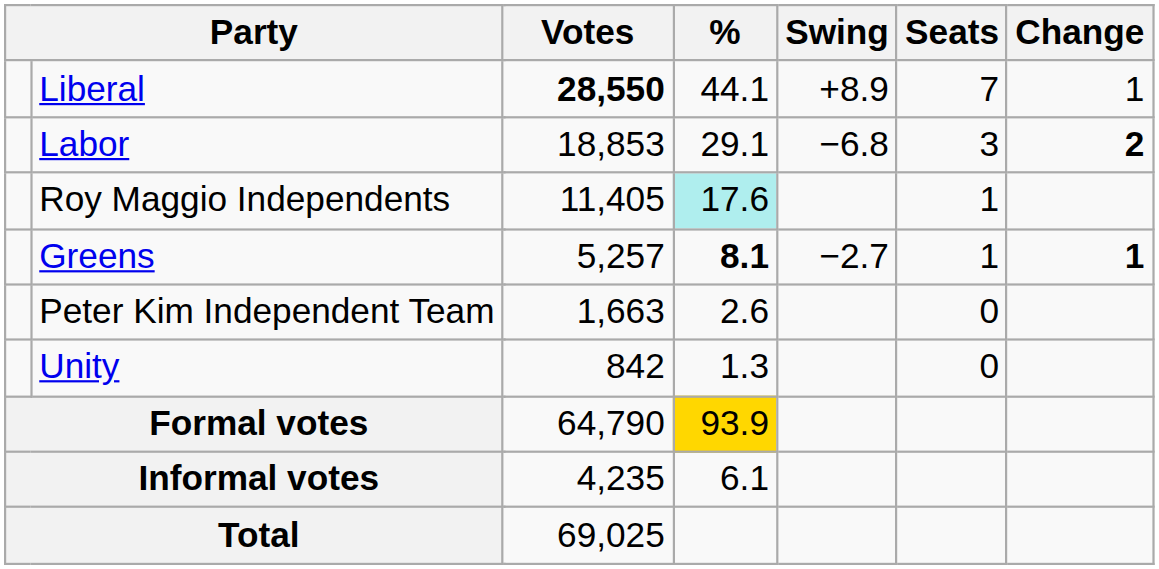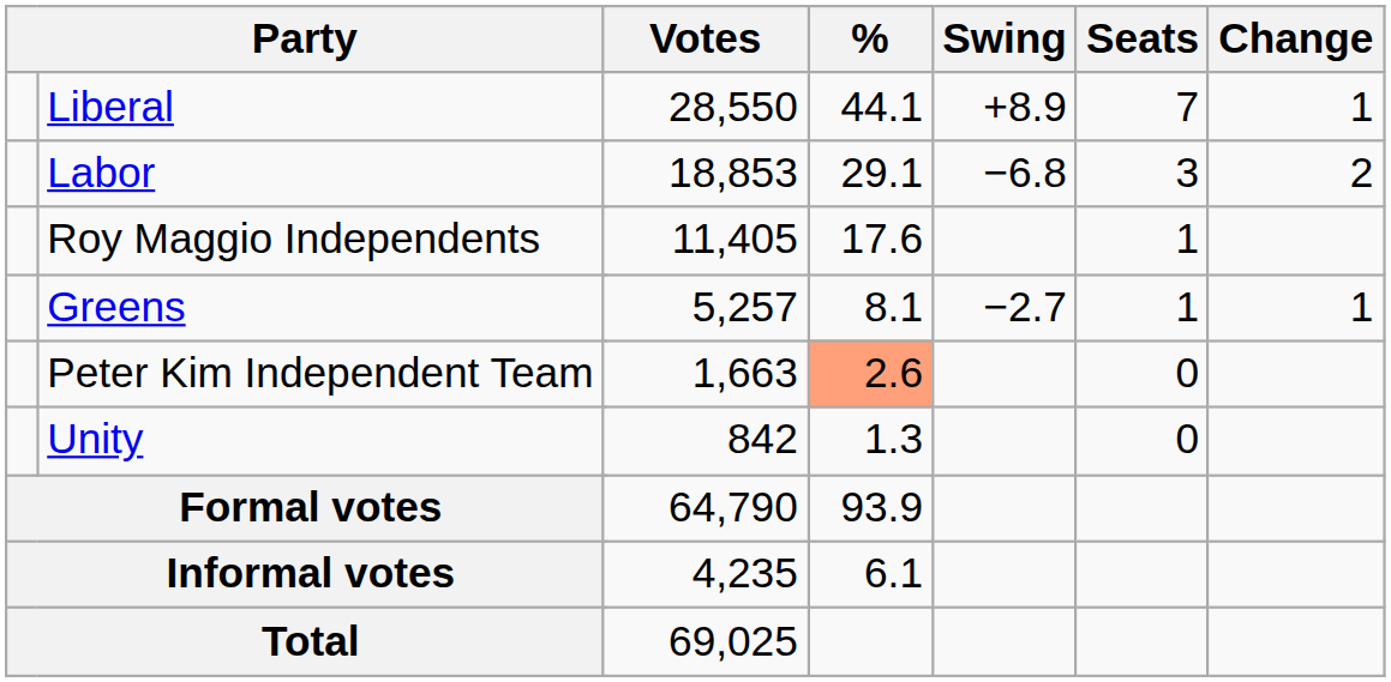 <table class="wikitable" style="text-align:right; margin-bottom:0">
 <tr>
 <th style="width:10px" colspan=3>Party</th>
 <th style="width:70px;">Votes</th>
 <th style="width:40px;">%</th>
 <th style="width:40px;">Swing</th>
 <th style="width:40px;">Seats</th>
 <th style="width:40px;">Change</th>
 </tr>
 <tr>
 <td> </td>
 <td style="text-align:left;" colspan="2"><a href='#'>Liberal</a></td>
-<td><strong>28,550</strong></td>
+<td>28,550</td>
 <td>44.1</td>
 <td>+8.9</td>
 <td>7</td>
 <td> 1</td>
 </tr>
 <tr>
 <td> </td>
 <td style="text-align:left;" colspan="2"><a href='#'>Labor</a></td>
 <td>18,853</td>
 <td>29.1</td>
 <td>−6.8</td>
 <td>3</td>
-<td><strong> 2</strong></td>
+<td> 2</td>
 </tr>
 <tr>
 <td> </td>
 <td style="text-align:left;" colspan="2">Roy Maggio Independents</td>
 <td>11,405</td>
-<td style="background: paleturquoise;">17.6</td>
+<td>17.6</td>
 <td></td>
 <td>1</td>
 <td></td>
 </tr>
 <tr>
 <td> </td>
 <td style="text-align:left;" colspan="2"><a href='#'>Greens</a></td>
 <td>5,257</td>
-<td><strong>8.1</strong></td>
+<td>8.1</td>
 <td>−2.7</td>
 <td>1</td>
-<td><strong> 1</strong></td>
+<td> 1</td>
 </tr>
 <tr>
 <td> </td>
 <td style="text-align:left;" colspan="2">Peter Kim Independent Team</td>
 <td>1,663</td>
-<td>2.6</td>
+<td style="background: lightsalmon;">2.6</td>
 <td></td>
 <td>0</td>
 <td></td>
 </tr>
 <tr>
 <td> </td>
 <td style="text-align:left;" colspan="2"><a href='#'>Unity</a></td>
 <td>842</td>
 <td>1.3</td>
 <td></td>
 <td>0</td>
 <td></td>
 </tr>
 <tr>
 <th colspan="3" rowspan="1"> Formal votes</th>
 <td>64,790</td>
-<td style="background: gold;">93.9</td>
+<td>93.9</td>
 <td></td>
 <td></td>
 <td></td>
 </tr>
 <tr>
 <th colspan="3" rowspan="1"> Informal votes</th>
 <td>4,235</td>
 <td>6.1</td>
 <td></td>
 <td></td>
 <td></td>
 </tr>
 <tr>
 <th colspan="3" rowspan="1"> <strong>Total </strong></th>
 <td>69,025</td>
 <td></td>
 <td></td>
 <td></td>
 <td></td>
 </tr>
 </table>
